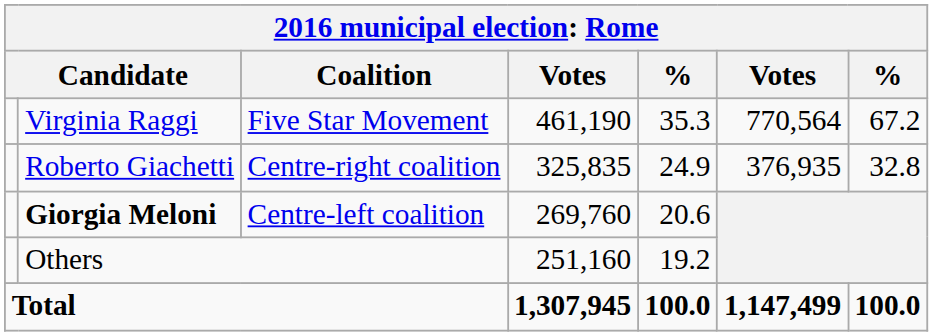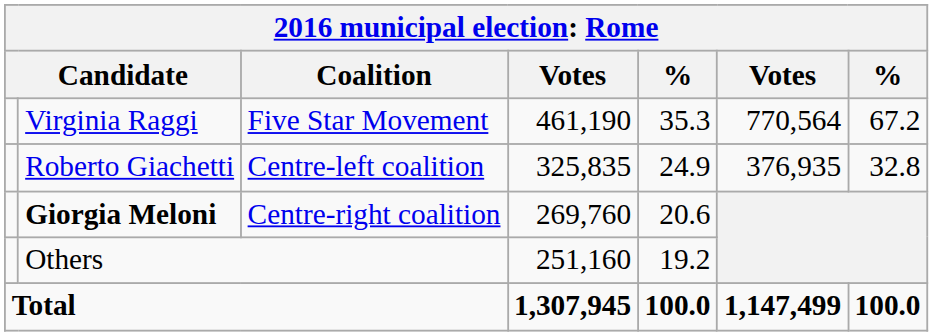 <table class="wikitable" style="text-align: right">
 <tr>
 <th colspan="7"><a href='#'>2016 municipal election</a>: <a href='#'>Rome</a></th>
 </tr>
 <tr>
 <th colspan="2">Candidate</th>
 <th>Coalition</th>
 <th>Votes</th>
 <th>%</th>
 <th>Votes</th>
 <th>%</th>
 </tr>
 <tr>
 <td></td>
 <td align="left"><a href='#'>Virginia Raggi</a></td>
 <td align="left"><a href='#'>Five Star Movement</a></td>
 <td>461,190</td>
 <td>35.3</td>
 <td>770,564</td>
 <td>67.2</td>
 </tr>
 <tr>
 <td></td>
 <td align="left"><a href='#'>Roberto Giachetti</a></td>
-<td align="left"><a href='#'>Centre-right coalition</a></td>
+<td align="left"><a href='#'>Centre-left coalition</a></td>
 <td>325,835</td>
 <td>24.9</td>
 <td>376,935</td>
 <td>32.8</td>
 </tr>
 <tr>
 <td></td>
 <td align="left"><strong>Giorgia Meloni</strong></td>
-<td align="left"><a href='#'>Centre-left coalition</a></td>
+<td align="left"><a href='#'>Centre-right coalition</a></td>
 <td>269,760</td>
 <td>20.6</td>
 <th colspan="2" rowspan="2"></th>
 </tr>
 <tr>
 <td></td>
 <td align="left" colspan="2">Others</td>
 <td>251,160</td>
 <td>19.2</td>
 </tr>
 <tr>
 <td align="left" colspan="3"><strong>Total</strong></td>
 <td><strong>1,307,945</strong></td>
 <td><strong>100.0</strong></td>
 <td><strong>1,147,499</strong></td>
 <td><strong>100.0</strong></td>
 </tr>
 </table>
